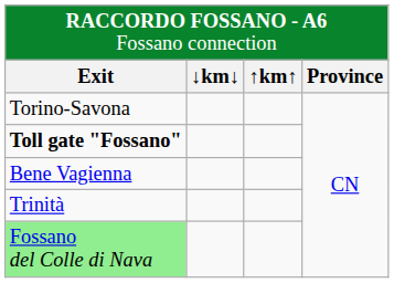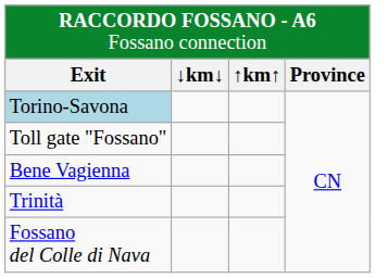 <table class="wikitable">
 <tr>
 </tr>
 <tr align="center" style="color: white;font-size:100%;" bgcolor="#08842c">
 <td colspan="6"> <strong>RACCORDO FOSSANO - A6</strong><br>Fossano connection</td>
 </tr>
 <tr>
 <th><strong>Exit</strong></th>
 <th align="center"><strong>↓km↓</strong></th>
 <th align="center"><strong>↑km↑</strong></th>
 <th align="center"><strong>Province</strong></th>
 </tr>
 <tr>
-<td>  Torino-Savona</td>
+<td style="background: lightblue;">  Torino-Savona</td>
 <td align="right"></td>
 <td align="right"></td>
 <td rowspan=5 align="center"><a href='#'>CN</a></td>
 </tr>
 <tr>
-<td><strong> Toll gate "Fossano"</strong></td>
+<td> Toll gate "Fossano"</td>
 <td align="right"></td>
 <td align="right"></td>
 </tr>
 <tr>
 <td> <a href='#'>Bene Vagienna</a></td>
 <td align="right"></td>
 <td align="right"></td>
 </tr>
 <tr>
 <td> <a href='#'>Trinità</a></td>
 <td align="right"></td>
 <td align="right"></td>
 </tr>
 <tr>
-<td style="background: lightgreen;"> <a href='#'>Fossano</a><br>  <em>del Colle di Nava</em></td>
+<td> <a href='#'>Fossano</a><br>  <em>del Colle di Nava</em></td>
 <td align="right"></td>
 <td align="right"></td>
 </tr>
 </table>
